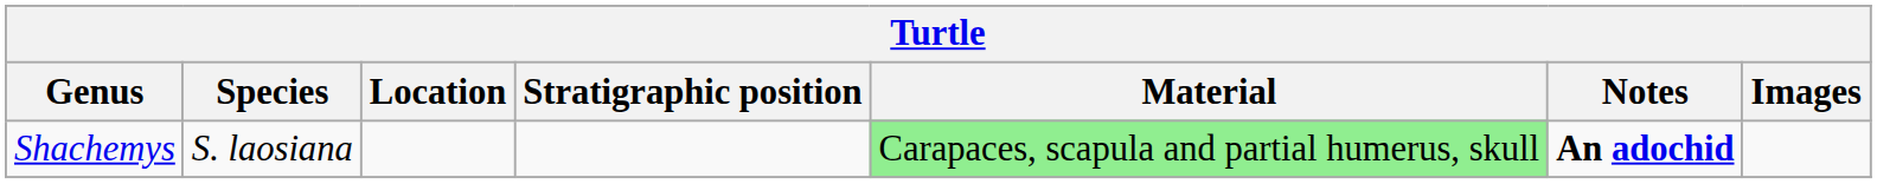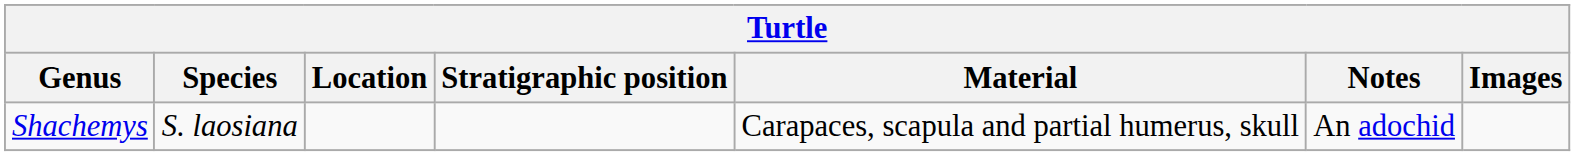 <table class="wikitable sortable" align="center">
 <tr>
 <th colspan="7" align="center"><a href='#'>Turtle</a></th>
 </tr>
 <tr>
 <th>Genus</th>
 <th>Species</th>
 <th>Location</th>
 <th>Stratigraphic position</th>
 <th>Material</th>
 <th>Notes</th>
 <th>Images</th>
 </tr>
 <tr>
 <td><em><a href='#'>Shachemys</a></em></td>
 <td><em>S. laosiana</em></td>
 <td></td>
 <td></td>
-<td style="background: lightgreen;">Carapaces, scapula and partial humerus, skull</td>
-<td><strong>An <a href='#'>adochid</a></strong></td>
+<td>Carapaces, scapula and partial humerus, skull</td>
+<td>An <a href='#'>adochid</a></td>
 </tr>
 </table>
